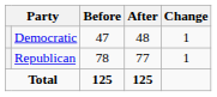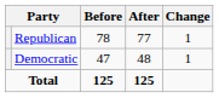 <table class="wikitable" style="text-align:center;">
 <tr>
 <th colspan="2">Party</th>
 <th>Before</th>
 <th>After</th>
 <th>Change</th>
 </tr>
 <tr>
 <th style="background-color:"></th>
-<td style="text-align:left;"><a href='#'>Democratic</a></td>
-<td>47</td>
-<td>48</td>
+<td style="text-align:left;"><a href='#'>Republican</a></td>
+<td>78</td>
+<td>77</td>
 <td> 1</td>
 </tr>
 <tr>
 <th style="background-color:"></th>
-<td style="text-align:left;"><a href='#'>Republican</a></td>
-<td>78</td>
-<td>77</td>
+<td style="text-align:left;"><a href='#'>Democratic</a></td>
+<td>47</td>
+<td>48</td>
 <td> 1</td>
 </tr>
 <tr>
 <td colspan="2"><strong>Total</strong></td>
 <td><strong>125</strong></td>
 <td><strong>125</strong></td>
 <td></td>
 </tr>
 </table>
